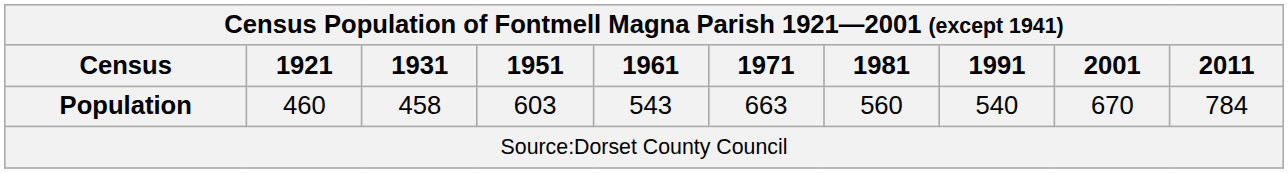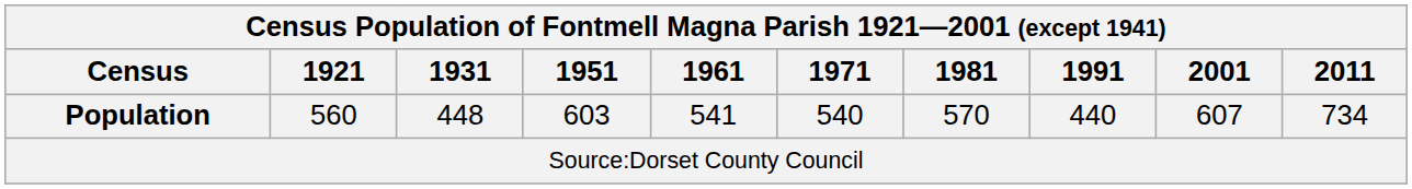 <table class="wikitable" style="width:800px;">
 <tr>
 <th colspan= "15" style="background:; color:"><span>Census Population of Fontmell Magna Parish 1921—2001 <small>(except 1941)</small></span></th>
 </tr>
 <tr style="text-align:center;">
 <th style="background:; color: height:15px;">Census</th>
 <th style="background:;">1921</th>
 <th style="background:;">1931</th>
 <th style="background:;">1951</th>
 <th style="background:;">1961</th>
 <th style="background:;">1971</th>
 <th style="background:;">1981</th>
 <th style="background:;">1991</th>
 <th style="background:;">2001</th>
 <th style="background:;">2011</th>
 </tr>
 <tr style="text-align:center;">
 <th style="background:; color: height:15px;">Population</th>
-<td style="background:#F2F2F2;">460</td>
-<td style="background:#F2F2F2;">458</td>
+<td style="background:#F2F2F2;">560</td>
+<td style="background:#F2F2F2;">448</td>
 <td style="background:#F2F2F2;">603</td>
-<td style="background:#F2F2F2;">543</td>
-<td style="background:#F2F2F2;">663</td>
-<td style="background:#F2F2F2;">560</td>
+<td style="background:#F2F2F2;">541</td>
 <td style="background:#F2F2F2;">540</td>
-<td style="background:#F2F2F2;">670</td>
-<td style="background:#F2F2F2;">784</td>
+<td style="background:#F2F2F2;">570</td>
+<td style="background:#F2F2F2;">440</td>
+<td style="background:#F2F2F2;">607</td>
+<td style="background:#F2F2F2;">734</td>
 </tr>
 <tr style="text-align:center;">
 <td colspan="15" style="background:#F2F2F2; color: text-align:center;"><small>Source:Dorset County Council</small></td>
 </tr>
 </table>
